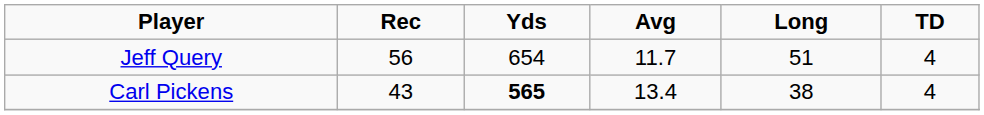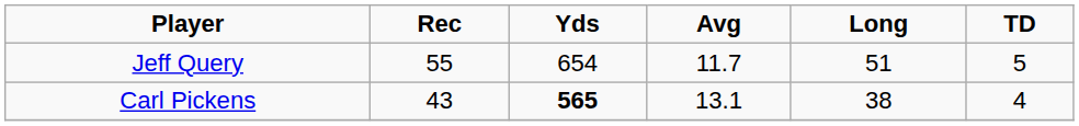 <table class="wikitable" width="80%">
 <tr align="center">
 <td><strong>Player</strong></td>
 <td><strong>Rec</strong></td>
 <td><strong>Yds</strong></td>
 <td><strong>Avg</strong></td>
 <td><strong>Long</strong></td>
 <td><strong>TD</strong></td>
 </tr>
 <tr align="center" bgcolor="">
 <td><a href='#'>Jeff Query</a></td>
-<td>56</td>
+<td>55</td>
 <td>654</td>
 <td>11.7</td>
 <td>51</td>
-<td>4</td>
+<td>5</td>
 </tr>
 <tr align="center" bgcolor="">
 <td><a href='#'>Carl Pickens</a></td>
 <td>43</td>
 <td><strong>565</strong></td>
-<td>13.4</td>
+<td>13.1</td>
 <td>38</td>
 <td>4</td>
 </tr>
 <tr align="center" bgcolor="">
 </tr>
 </table>
